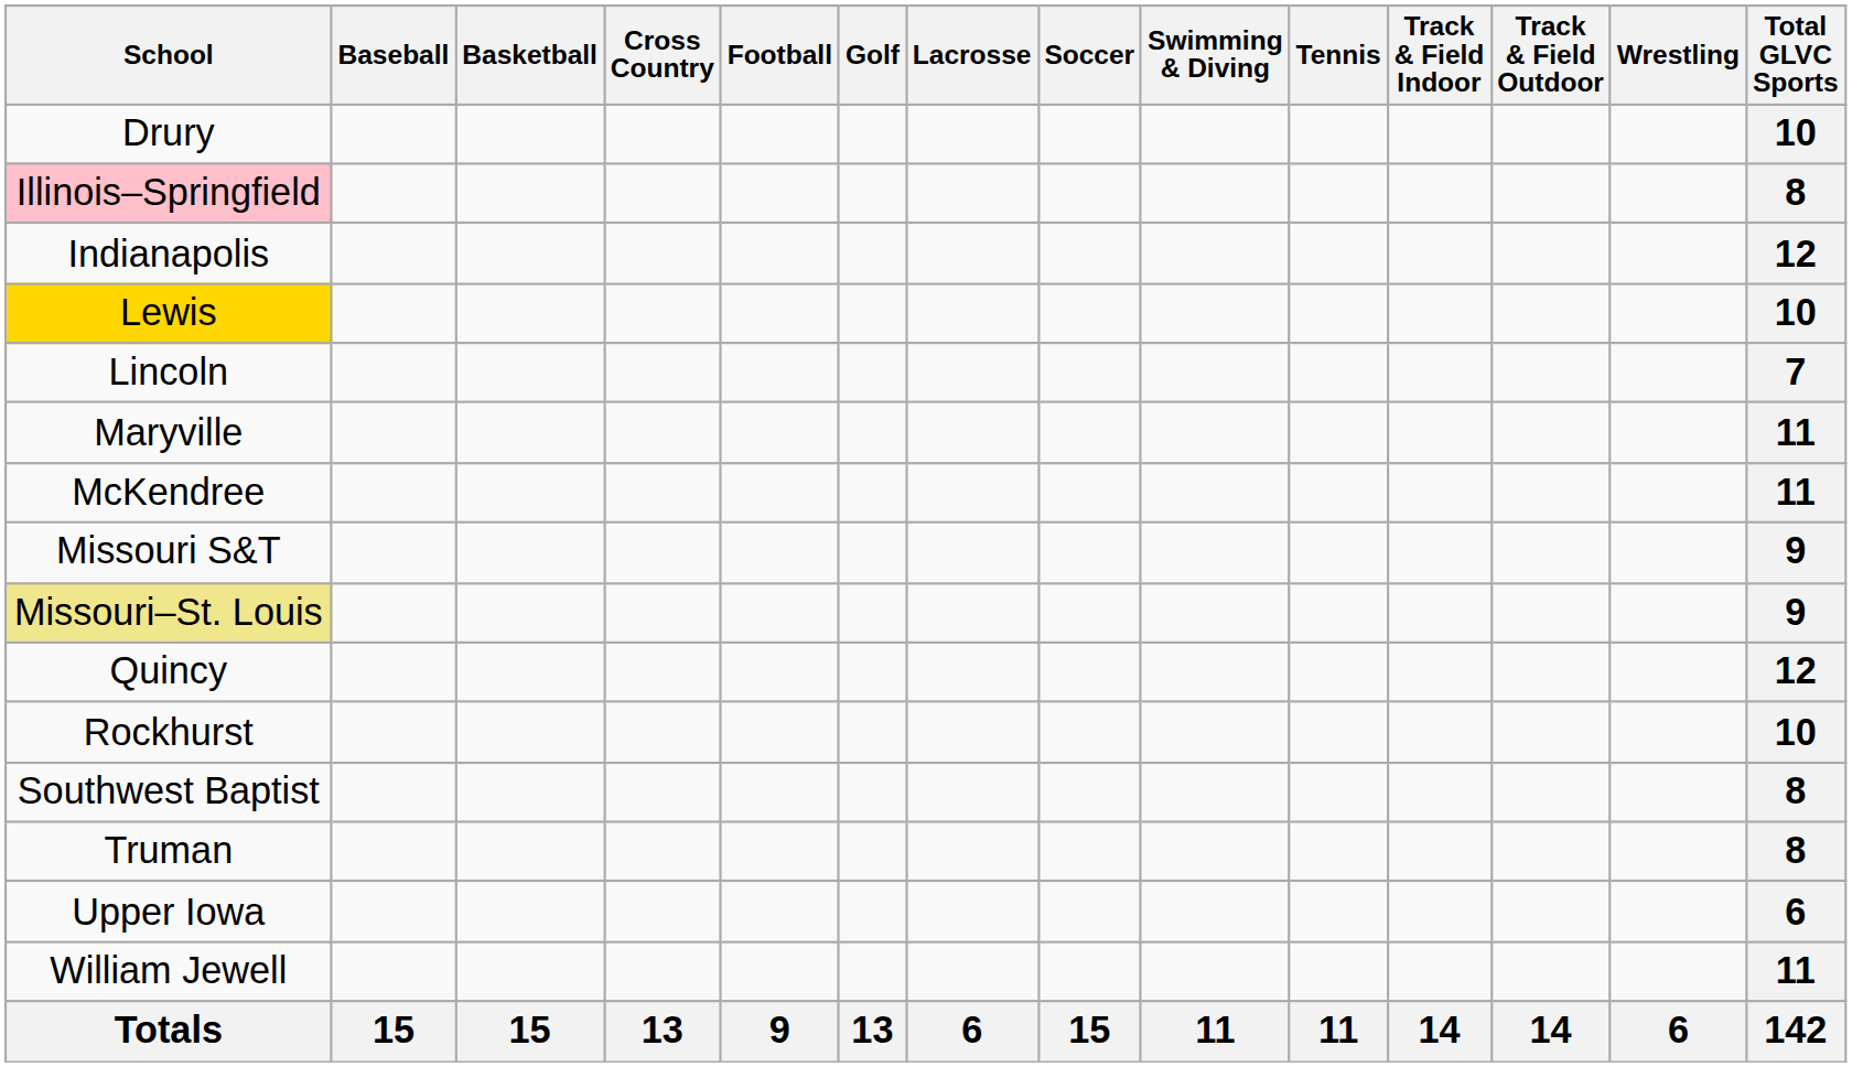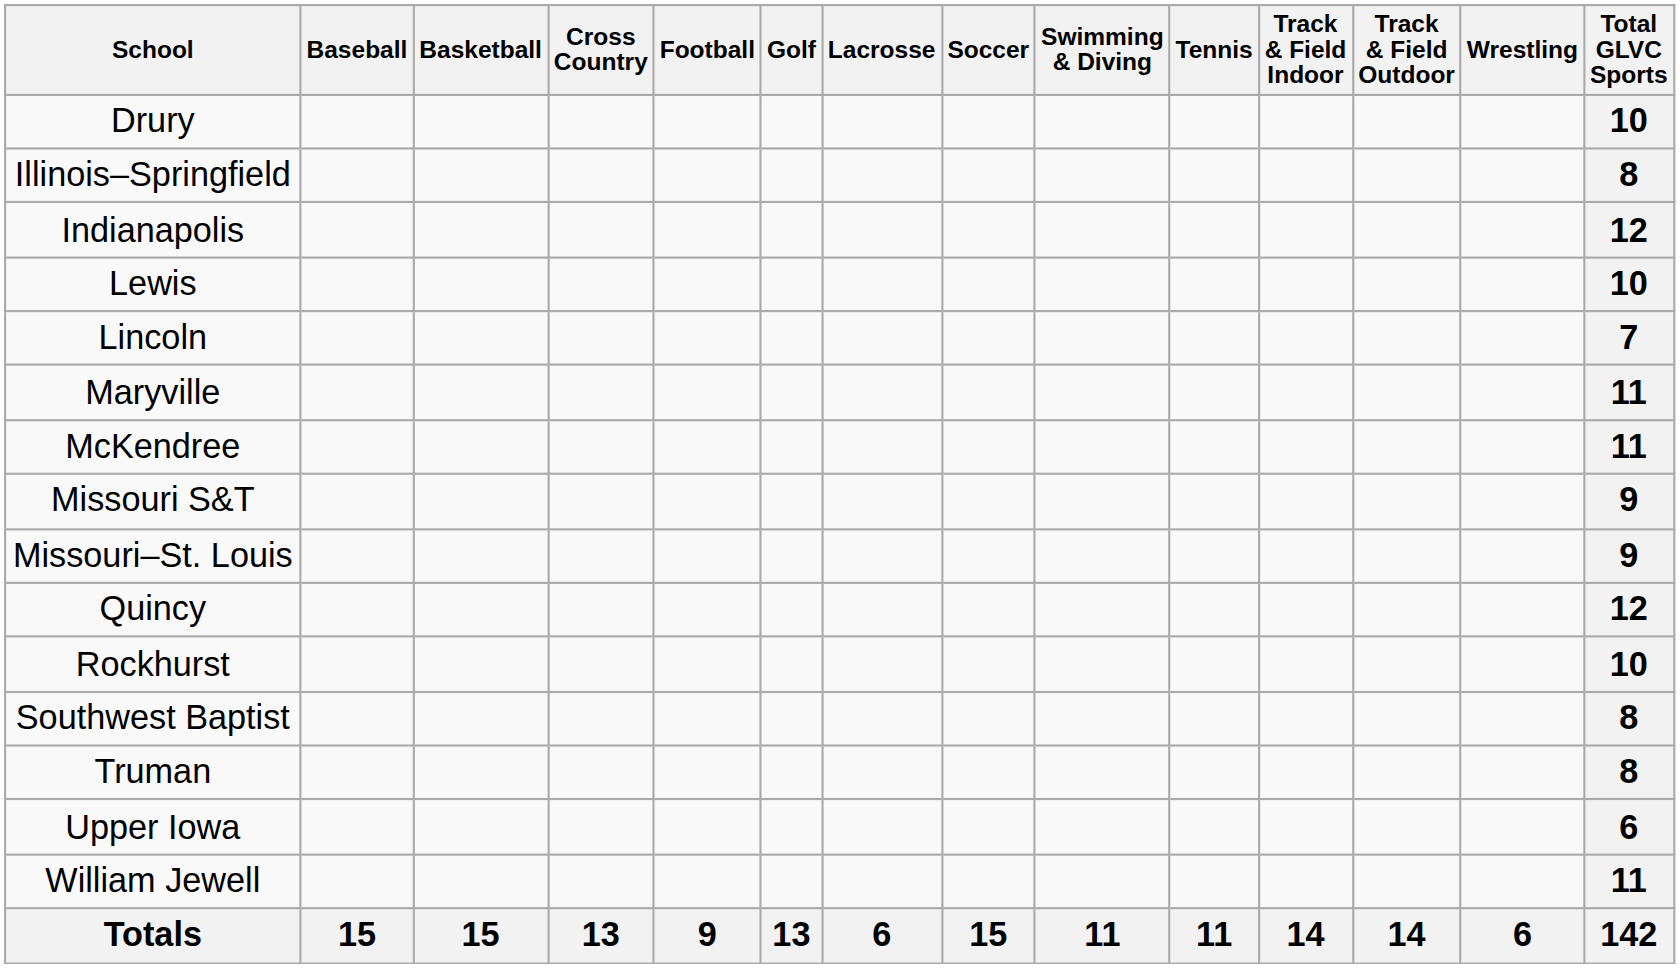 <table class="wikitable" style="text-align:center">
 <tr style="font-size:8.6pt">
 <th>School</th>
 <th>Baseball</th>
 <th>Basketball</th>
 <th>Cross<br>Country</th>
 <th>Football</th>
 <th>Golf</th>
 <th>Lacrosse</th>
 <th>Soccer</th>
 <th>Swimming<br>& Diving</th>
 <th>Tennis</th>
 <th>Track<br>& Field<br>Indoor</th>
 <th>Track<br>& Field<br>Outdoor</th>
 <th>Wrestling</th>
 <th>Total<br>GLVC<br>Sports</th>
 </tr>
 <tr>
 <td>Drury</td>
 <td></td>
 <td></td>
 <td></td>
 <td></td>
 <td></td>
 <td></td>
 <td></td>
 <td></td>
 <td></td>
 <td></td>
 <td></td>
 <td></td>
 <th>10</th>
 </tr>
 <tr>
-<td style="background: pink;">Illinois–Springfield</td>
+<td>Illinois–Springfield</td>
 <td></td>
 <td></td>
 <td></td>
 <td></td>
 <td></td>
 <td></td>
 <td></td>
 <td></td>
 <td></td>
 <td></td>
 <td></td>
 <td></td>
 <th>8</th>
 </tr>
 <tr>
 <td>Indianapolis</td>
 <td></td>
 <td></td>
 <td></td>
 <td></td>
 <td></td>
 <td></td>
 <td></td>
 <td></td>
 <td></td>
 <td></td>
 <td></td>
 <td></td>
 <th>12</th>
 </tr>
 <tr>
-<td style="background: gold;">Lewis</td>
+<td>Lewis</td>
 <td></td>
 <td></td>
 <td></td>
 <td></td>
 <td></td>
 <td></td>
 <td></td>
 <td></td>
 <td></td>
 <td></td>
 <td></td>
 <td></td>
 <th>10</th>
 </tr>
 <tr>
 <td>Lincoln</td>
 <td></td>
 <td></td>
 <td></td>
 <td></td>
 <td></td>
 <td></td>
 <td></td>
 <td></td>
 <td></td>
 <td></td>
 <td></td>
 <td></td>
 <th>7</th>
 </tr>
 <tr>
 <td>Maryville</td>
 <td></td>
 <td></td>
 <td></td>
 <td></td>
 <td></td>
 <td></td>
 <td></td>
 <td></td>
 <td></td>
 <td></td>
 <td></td>
 <td></td>
 <th>11</th>
 </tr>
 <tr>
 <td>McKendree</td>
 <td></td>
 <td></td>
 <td></td>
 <td></td>
 <td></td>
 <td></td>
 <td></td>
 <td></td>
 <td></td>
 <td></td>
 <td></td>
 <td></td>
 <th>11</th>
 </tr>
 <tr>
 <td>Missouri S&T</td>
 <td></td>
 <td></td>
 <td></td>
 <td></td>
 <td></td>
 <td></td>
 <td></td>
 <td></td>
 <td></td>
 <td></td>
 <td></td>
 <td></td>
 <th>9</th>
 </tr>
 <tr>
-<td style="background: khaki;">Missouri–St. Louis</td>
+<td>Missouri–St. Louis</td>
 <td></td>
 <td></td>
 <td></td>
 <td></td>
 <td></td>
 <td></td>
 <td></td>
 <td></td>
 <td></td>
 <td></td>
 <td></td>
 <td></td>
 <th>9</th>
 </tr>
 <tr>
 <td>Quincy</td>
 <td></td>
 <td></td>
 <td></td>
 <td></td>
 <td></td>
 <td></td>
 <td></td>
 <td></td>
 <td></td>
 <td></td>
 <td></td>
 <td></td>
 <th>12</th>
 </tr>
 <tr>
 <td>Rockhurst</td>
 <td></td>
 <td></td>
 <td></td>
 <td></td>
 <td></td>
 <td></td>
 <td></td>
 <td></td>
 <td></td>
 <td></td>
 <td></td>
 <td></td>
 <th>10</th>
 </tr>
 <tr>
 <td>Southwest Baptist</td>
 <td></td>
 <td></td>
 <td></td>
 <td></td>
 <td></td>
 <td></td>
 <td></td>
 <td></td>
 <td></td>
 <td></td>
 <td></td>
 <td></td>
 <th>8</th>
 </tr>
 <tr>
 <td>Truman</td>
 <td></td>
 <td></td>
 <td></td>
 <td></td>
 <td></td>
 <td></td>
 <td></td>
 <td></td>
 <td></td>
 <td></td>
 <td></td>
 <td></td>
 <th>8</th>
 </tr>
 <tr>
 <td>Upper Iowa</td>
 <td></td>
 <td></td>
 <td></td>
 <td></td>
 <td></td>
 <td></td>
 <td></td>
 <td></td>
 <td></td>
 <td></td>
 <td></td>
 <td></td>
 <th>6</th>
 </tr>
 <tr>
 <td>William Jewell</td>
 <td></td>
 <td></td>
 <td></td>
 <td></td>
 <td></td>
 <td></td>
 <td></td>
 <td></td>
 <td></td>
 <td></td>
 <td></td>
 <td></td>
 <th>11</th>
 </tr>
 <tr>
 <th>Totals</th>
 <th>15</th>
 <th>15</th>
 <th>13</th>
 <th>9</th>
 <th>13</th>
 <th>6</th>
 <th>15</th>
 <th>11</th>
 <th>11</th>
 <th>14</th>
 <th>14</th>
 <th>6</th>
 <th>142</th>
 </tr>
 <tr>
 </tr>
 </table>
